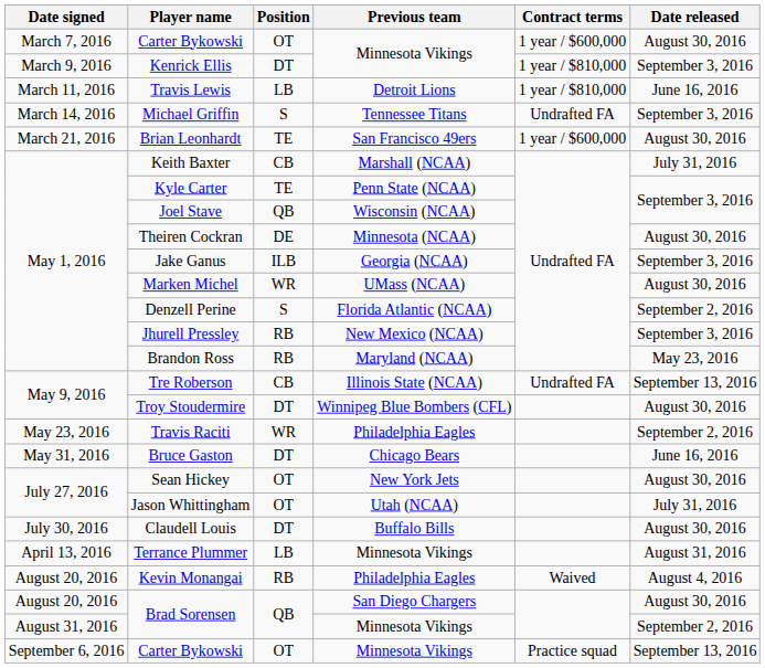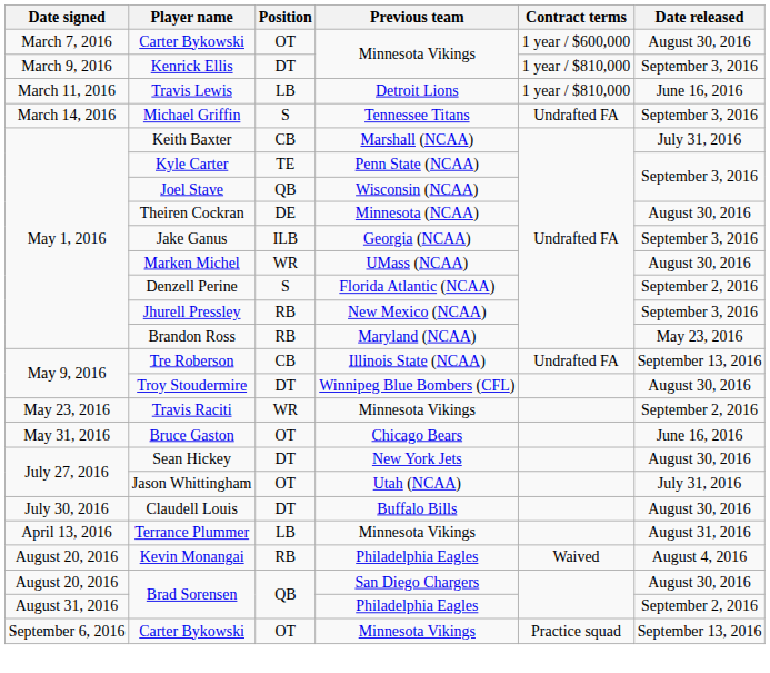 <table class="wikitable collapsible collapsed" style="text-align:center">
 <tr>
 <th>Date signed</th>
 <th>Player name</th>
 <th>Position</th>
 <th>Previous team</th>
 <th>Contract terms</th>
 <th>Date released</th>
 </tr>
 <tr>
 <td>March 7, 2016</td>
 <td><a href='#'>Carter Bykowski</a></td>
 <td>OT</td>
 <td rowspan=2>Minnesota Vikings</td>
 <td>1 year / $600,000</td>
 <td>August 30, 2016</td>
 </tr>
 <tr>
 <td>March 9, 2016</td>
 <td><a href='#'>Kenrick Ellis</a></td>
 <td>DT</td>
 <td>1 year / $810,000</td>
 <td>September 3, 2016</td>
 </tr>
 <tr>
 <td>March 11, 2016</td>
 <td><a href='#'>Travis Lewis</a></td>
 <td>LB</td>
 <td><a href='#'>Detroit Lions</a></td>
 <td>1 year / $810,000</td>
 <td>June 16, 2016</td>
 </tr>
 <tr>
 <td>March 14, 2016</td>
 <td><a href='#'>Michael Griffin</a></td>
 <td>S</td>
 <td><a href='#'>Tennessee Titans</a></td>
 <td>Undrafted FA</td>
 <td>September 3, 2016</td>
-</tr>
-<tr>
-<td>March 21, 2016</td>
-<td><a href='#'>Brian Leonhardt</a></td>
-<td>TE</td>
-<td><a href='#'>San Francisco 49ers</a></td>
-<td>1 year / $600,000</td>
-<td>August 30, 2016</td>
 </tr>
 <tr>
 <td rowspan=9>May 1, 2016</td>
 <td>Keith Baxter</td>
 <td>CB</td>
 <td><a href='#'>Marshall</a> (<a href='#'>NCAA</a>)</td>
 <td rowspan=9>Undrafted FA</td>
 <td>July 31, 2016</td>
 </tr>
 <tr>
 <td><a href='#'>Kyle Carter</a></td>
 <td>TE</td>
 <td><a href='#'>Penn State</a> (<a href='#'>NCAA</a>)</td>
 <td rowspan=2>September 3, 2016</td>
 </tr>
 <tr>
 <td><a href='#'>Joel Stave</a></td>
 <td>QB</td>
 <td><a href='#'>Wisconsin</a> (<a href='#'>NCAA</a>)</td>
 </tr>
 <tr>
 <td>Theiren Cockran</td>
 <td>DE</td>
 <td><a href='#'>Minnesota</a> (<a href='#'>NCAA</a>)</td>
 <td>August 30, 2016</td>
 </tr>
 <tr>
 <td>Jake Ganus</td>
 <td>ILB</td>
 <td><a href='#'>Georgia</a> (<a href='#'>NCAA</a>)</td>
 <td>September 3, 2016</td>
 </tr>
 <tr>
 <td><a href='#'>Marken Michel</a></td>
 <td>WR</td>
 <td><a href='#'>UMass</a> (<a href='#'>NCAA</a>)</td>
 <td>August 30, 2016</td>
 </tr>
 <tr>
 <td>Denzell Perine</td>
 <td>S</td>
 <td><a href='#'>Florida Atlantic</a> (<a href='#'>NCAA</a>)</td>
 <td>September 2, 2016</td>
 </tr>
 <tr>
 <td><a href='#'>Jhurell Pressley</a></td>
 <td>RB</td>
 <td><a href='#'>New Mexico</a> (<a href='#'>NCAA</a>)</td>
 <td>September 3, 2016</td>
 </tr>
 <tr>
 <td>Brandon Ross</td>
 <td>RB</td>
 <td><a href='#'>Maryland</a> (<a href='#'>NCAA</a>)</td>
 <td>May 23, 2016</td>
 </tr>
 <tr>
 <td rowspan=2>May 9, 2016</td>
 <td><a href='#'>Tre Roberson</a></td>
 <td>CB</td>
 <td><a href='#'>Illinois State</a> (<a href='#'>NCAA</a>)</td>
 <td>Undrafted FA</td>
 <td>September 13, 2016</td>
 </tr>
 <tr>
 <td><a href='#'>Troy Stoudermire</a></td>
 <td>DT</td>
 <td><a href='#'>Winnipeg Blue Bombers</a> (<a href='#'>CFL</a>)</td>
 <td></td>
 <td>August 30, 2016</td>
 </tr>
 <tr>
 <td>May 23, 2016</td>
 <td><a href='#'>Travis Raciti</a></td>
 <td>WR</td>
-<td><a href='#'>Philadelphia Eagles</a></td>
+<td>Minnesota Vikings</td>
 <td></td>
 <td>September 2, 2016</td>
 </tr>
 <tr>
 <td>May 31, 2016</td>
 <td><a href='#'>Bruce Gaston</a></td>
-<td>DT</td>
+<td>OT</td>
 <td><a href='#'>Chicago Bears</a></td>
 <td></td>
 <td>June 16, 2016</td>
 </tr>
 <tr>
 <td rowspan=2>July 27, 2016</td>
 <td>Sean Hickey</td>
-<td>OT</td>
+<td>DT</td>
 <td><a href='#'>New York Jets</a></td>
 <td></td>
 <td>August 30, 2016</td>
 </tr>
 <tr>
 <td>Jason Whittingham</td>
 <td>OT</td>
 <td><a href='#'>Utah</a> (<a href='#'>NCAA</a>)</td>
 <td></td>
 <td>July 31, 2016</td>
 </tr>
 <tr>
 <td>July 30, 2016</td>
 <td>Claudell Louis</td>
 <td>DT</td>
 <td><a href='#'>Buffalo Bills</a></td>
 <td></td>
 <td>August 30, 2016</td>
 </tr>
 <tr>
 <td>April 13, 2016</td>
 <td><a href='#'>Terrance Plummer</a></td>
 <td>LB</td>
 <td>Minnesota Vikings</td>
 <td></td>
 <td>August 31, 2016</td>
 </tr>
 <tr>
 <td>August 20, 2016</td>
 <td><a href='#'>Kevin Monangai</a></td>
 <td>RB</td>
 <td><a href='#'>Philadelphia Eagles</a></td>
 <td>Waived</td>
 <td>August 4, 2016</td>
 </tr>
 <tr>
 <td>August 20, 2016</td>
 <td rowspan=2><a href='#'>Brad Sorensen</a></td>
 <td rowspan=2>QB</td>
 <td><a href='#'>San Diego Chargers</a></td>
 <td rowspan=2></td>
 <td>August 30, 2016</td>
 </tr>
 <tr>
 <td>August 31, 2016</td>
-<td>Minnesota Vikings</td>
+<td><a href='#'>Philadelphia Eagles</a></td>
 <td>September 2, 2016</td>
 </tr>
 <tr>
 <td>September 6, 2016</td>
 <td><a href='#'>Carter Bykowski</a></td>
 <td>OT</td>
 <td><a href='#'>Minnesota Vikings</a></td>
 <td>Practice squad</td>
 <td>September 13, 2016</td>
 </tr>
 </table>
